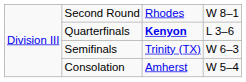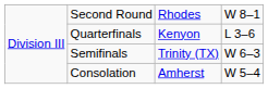 <table class="wikitable">
 <tr>
 <td rowspan="5"><a href='#'>Division III</a></td>
 <td>Second Round</td>
 <td><a href='#'>Rhodes</a></td>
 <td>W 8–1</td>
 </tr>
 <tr>
 <td>Quarterfinals</td>
-<td><strong><a href='#'>Kenyon</a></strong></td>
+<td><a href='#'>Kenyon</a></td>
 <td>L 3–6</td>
 </tr>
 <tr>
 <td>Semifinals</td>
 <td><a href='#'>Trinity (TX)</a></td>
 <td>W 6–3</td>
 </tr>
 <tr>
 <td>Consolation</td>
 <td><a href='#'>Amherst</a></td>
 <td>W 5–4</td>
 </tr>
 </table>
